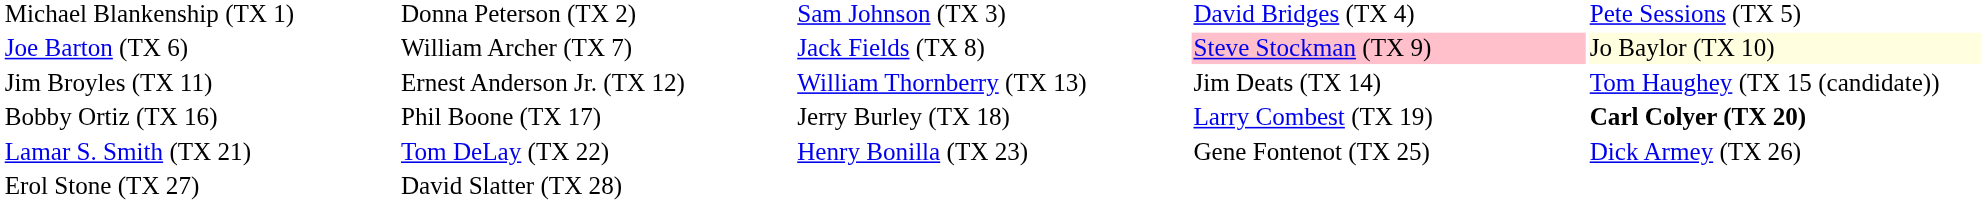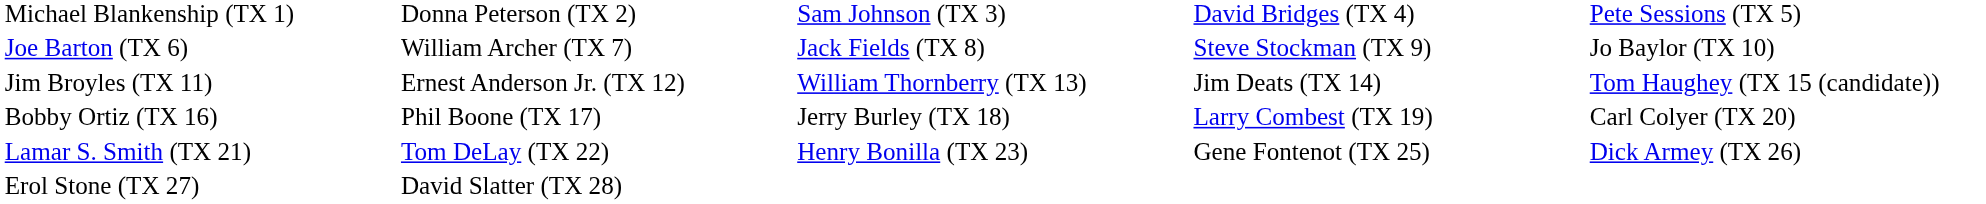 <table width="100%">
 <tr>
 <td width="20%">Michael Blankenship (TX 1)</td>
 <td width="20%">Donna Peterson (TX 2)</td>
 <td width="20%"><a href='#'>Sam Johnson</a> (TX 3)</td>
 <td width="20%"><a href='#'>David Bridges</a> (TX 4)</td>
 <td width="20%"><a href='#'>Pete Sessions</a> (TX 5)</td>
 </tr>
 <tr>
 <td><a href='#'>Joe Barton</a> (TX 6)</td>
 <td>William Archer (TX 7)</td>
 <td><a href='#'>Jack Fields</a> (TX 8)</td>
-<td style="background: pink;"><a href='#'>Steve Stockman</a> (TX 9)</td>
-<td style="background: lightyellow;">Jo Baylor (TX 10)</td>
+<td><a href='#'>Steve Stockman</a> (TX 9)</td>
+<td>Jo Baylor (TX 10)</td>
 </tr>
 <tr>
 <td>Jim Broyles (TX 11)</td>
 <td>Ernest Anderson Jr. (TX 12)</td>
 <td><a href='#'>William Thornberry</a> (TX 13)</td>
 <td>Jim Deats (TX 14)</td>
 <td><a href='#'>Tom Haughey</a> (TX 15 (candidate))</td>
 </tr>
 <tr>
 <td>Bobby Ortiz (TX 16)</td>
 <td>Phil Boone (TX 17)</td>
 <td>Jerry Burley (TX 18)</td>
 <td><a href='#'>Larry Combest</a> (TX 19)</td>
-<td><strong>Carl Colyer (TX 20)</strong></td>
+<td>Carl Colyer (TX 20)</td>
 </tr>
 <tr>
 <td><a href='#'>Lamar S. Smith</a> (TX 21)</td>
 <td><a href='#'>Tom DeLay</a> (TX 22)</td>
 <td><a href='#'>Henry Bonilla</a> (TX 23)</td>
 <td>Gene Fontenot (TX 25)</td>
 <td><a href='#'>Dick Armey</a> (TX 26)</td>
 </tr>
 <tr>
 <td>Erol Stone (TX 27)</td>
 <td>David Slatter (TX 28)</td>
 </tr>
 </table>
